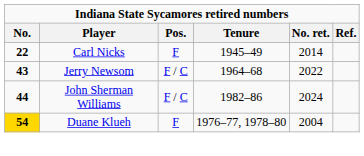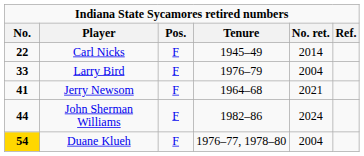 <table class="wikitable sortable" style="text-align:center">
 <tr>
 <td colspan=6><strong>Indiana State Sycamores retired numbers</strong></td>
 </tr>
 <tr>
 <th width=40px>No.</th>
 <th width=150px>Player</th>
 <th width=40px>Pos.</th>
 <th width=px>Tenure</th>
 <th width=px>No. ret.</th>
 <th width=px>Ref.</th>
 </tr>
 <tr>
 <td><strong>22</strong></td>
 <td><a href='#'>Carl Nicks</a></td>
 <td><a href='#'>F</a></td>
 <td>1945–49</td>
 <td>2014</td>
 <td></td>
 </tr>
 <tr>
-<td><strong>43</strong></td>
+<td><strong>33</strong></td>
+<td><a href='#'>Larry Bird</a></td>
+<td><a href='#'>F</a></td>
+<td>1976–79</td>
+<td>2004</td>
+<td></td>
+</tr>
+<tr>
+<td><strong>41</strong></td>
 <td><a href='#'>Jerry Newsom</a></td>
-<td><a href='#'>F</a> / <a href='#'>C</a></td>
+<td><a href='#'>F</a></td>
 <td>1964–68</td>
-<td>2022</td>
+<td>2021</td>
 <td></td>
 </tr>
 <tr>
 <td><strong>44</strong></td>
 <td><a href='#'>John Sherman Williams</a></td>
-<td><a href='#'>F</a> / <a href='#'>C</a></td>
+<td><a href='#'>F</a></td>
 <td>1982–86</td>
 <td>2024</td>
 <td></td>
 </tr>
 <tr>
 <td style="background: gold;"><strong>54</strong></td>
 <td><a href='#'>Duane Klueh</a></td>
 <td><a href='#'>F</a></td>
 <td>1976–77, 1978–80</td>
 <td>2004</td>
 <td></td>
 </tr>
 </table>
